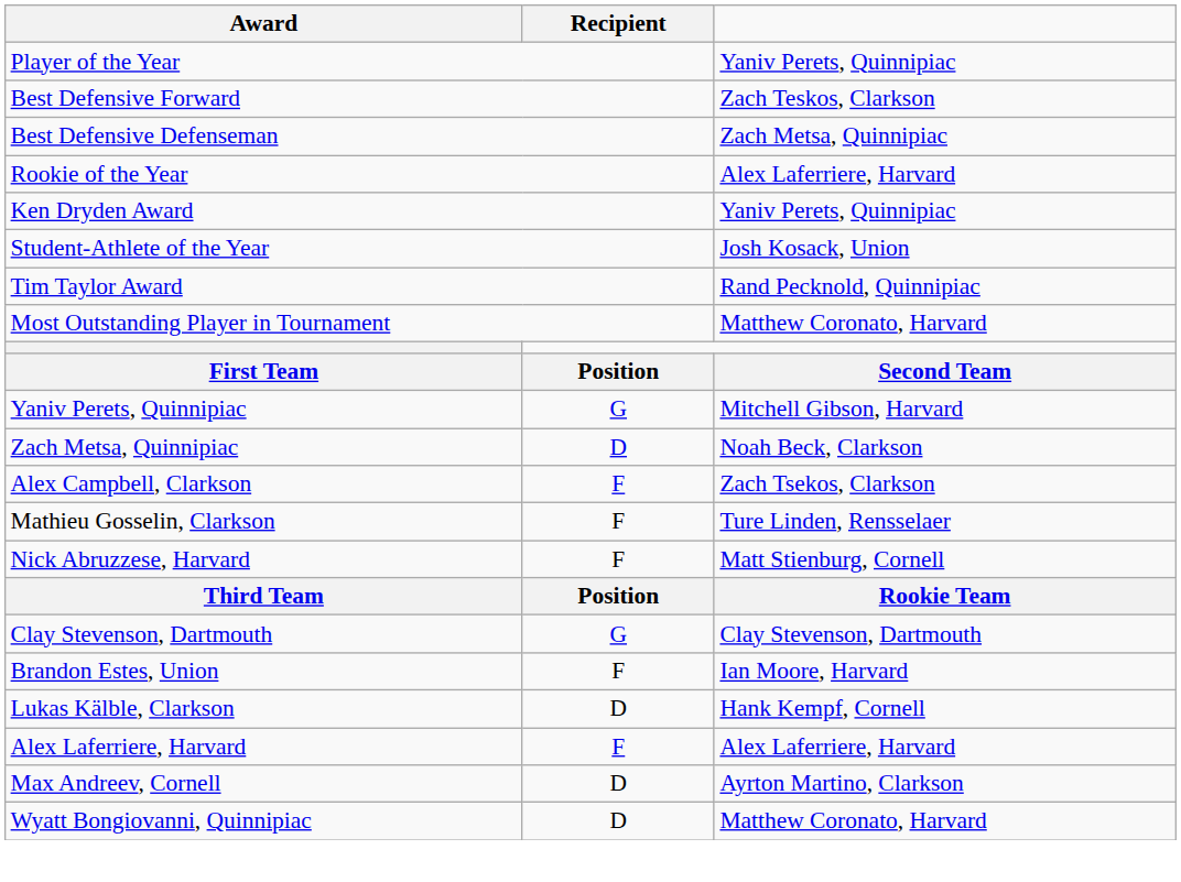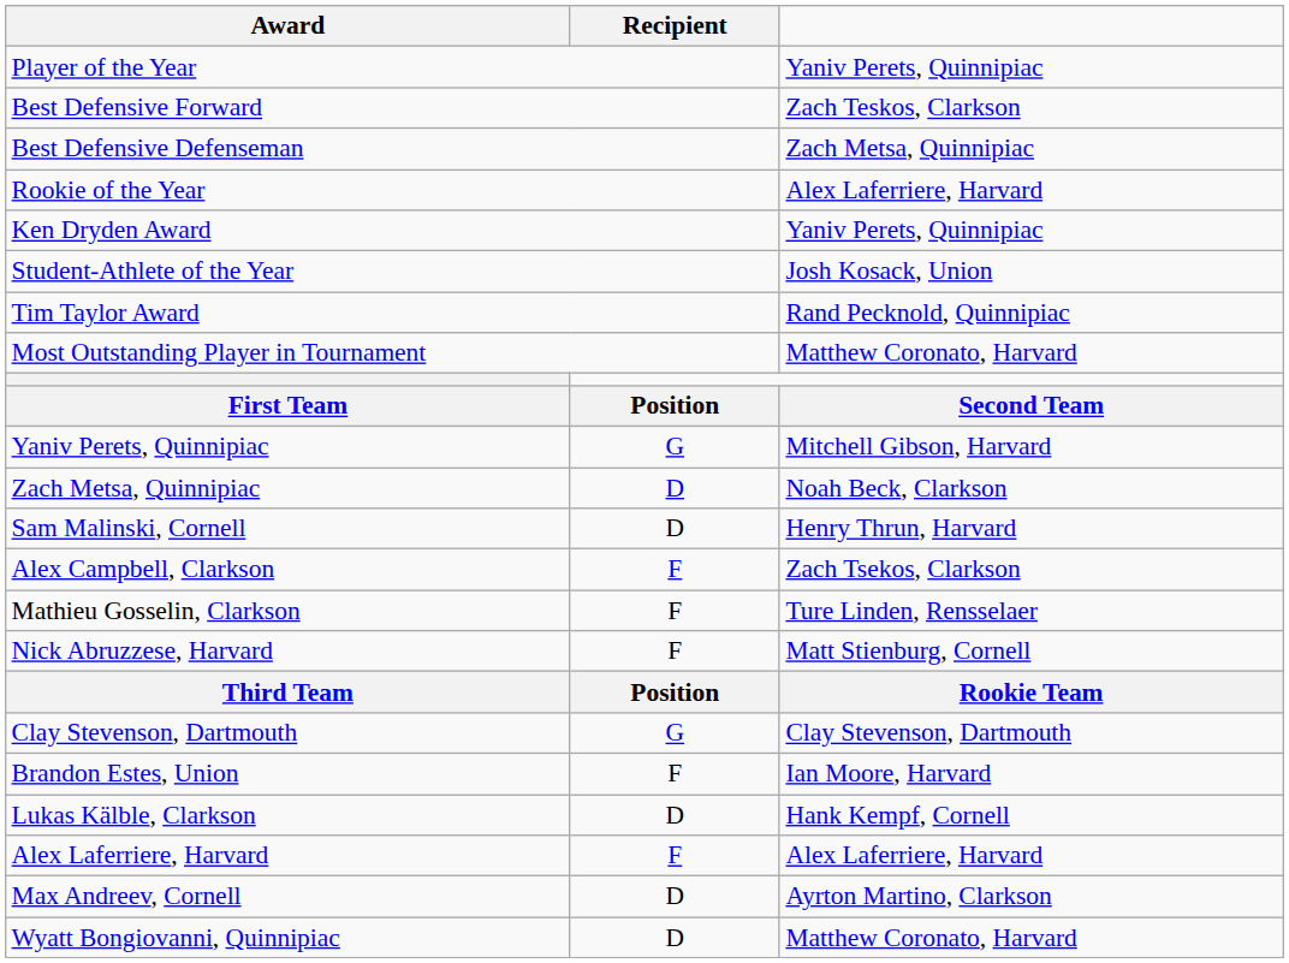 <table class="wikitable" width=40%>
 <tr>
 <th>Award</th>
 <th>Recipient</th>
 </tr>
 <tr>
 <td colspan=2><a href='#'>Player of the Year</a></td>
 <td><a href='#'>Yaniv Perets</a>, <a href='#'>Quinnipiac</a></td>
 </tr>
 <tr>
 <td colspan=2><a href='#'>Best Defensive Forward</a></td>
 <td><a href='#'>Zach Teskos</a>, <a href='#'>Clarkson</a></td>
 </tr>
 <tr>
 <td colspan=2><a href='#'>Best Defensive Defenseman</a></td>
 <td><a href='#'>Zach Metsa</a>, <a href='#'>Quinnipiac</a></td>
 </tr>
 <tr>
 <td colspan=2><a href='#'>Rookie of the Year</a></td>
 <td><a href='#'>Alex Laferriere</a>, <a href='#'>Harvard</a></td>
 </tr>
 <tr>
 <td colspan=2><a href='#'>Ken Dryden Award</a></td>
 <td><a href='#'>Yaniv Perets</a>, <a href='#'>Quinnipiac</a></td>
 </tr>
 <tr>
 <td colspan=2><a href='#'>Student-Athlete of the Year</a></td>
 <td><a href='#'>Josh Kosack</a>, <a href='#'>Union</a></td>
 </tr>
 <tr>
 <td colspan=2><a href='#'>Tim Taylor Award</a></td>
 <td><a href='#'>Rand Pecknold</a>, <a href='#'>Quinnipiac</a></td>
 </tr>
 <tr>
 <td colspan=2><a href='#'>Most Outstanding Player in Tournament</a></td>
 <td><a href='#'>Matthew Coronato</a>, <a href='#'>Harvard</a></td>
 </tr>
 <tr>
 <th><a href='#'></a></th>
 </tr>
 <tr>
 <th><a href='#'>First Team</a></th>
 <th>  Position  </th>
 <th><a href='#'>Second Team</a></th>
 </tr>
 <tr>
 <td><a href='#'>Yaniv Perets</a>, <a href='#'>Quinnipiac</a></td>
 <td align=center><a href='#'>G</a></td>
 <td><a href='#'>Mitchell Gibson</a>, <a href='#'>Harvard</a></td>
 </tr>
 <tr>
 <td><a href='#'>Zach Metsa</a>, <a href='#'>Quinnipiac</a></td>
 <td align=center><a href='#'>D</a></td>
 <td><a href='#'>Noah Beck</a>, <a href='#'>Clarkson</a></td>
 </tr>
 <tr>
+<td><a href='#'>Sam Malinski</a>, <a href='#'>Cornell</a></td>
+<td align=center>D</td>
+<td><a href='#'>Henry Thrun</a>, <a href='#'>Harvard</a></td>
+</tr>
+<tr>
 <td><a href='#'>Alex Campbell</a>, <a href='#'>Clarkson</a></td>
 <td align=center><a href='#'>F</a></td>
 <td><a href='#'>Zach Tsekos</a>, <a href='#'>Clarkson</a></td>
 </tr>
 <tr>
 <td>Mathieu Gosselin, <a href='#'>Clarkson</a></td>
 <td align=center>F</td>
 <td><a href='#'>Ture Linden</a>, <a href='#'>Rensselaer</a></td>
 </tr>
 <tr>
 <td><a href='#'>Nick Abruzzese</a>, <a href='#'>Harvard</a></td>
 <td align=center>F</td>
 <td><a href='#'>Matt Stienburg</a>, <a href='#'>Cornell</a></td>
 </tr>
 <tr>
 <th><a href='#'>Third Team</a></th>
 <th>  Position  </th>
 <th><a href='#'>Rookie Team</a></th>
 </tr>
 <tr>
 <td><a href='#'>Clay Stevenson</a>, <a href='#'>Dartmouth</a></td>
 <td align=center><a href='#'>G</a></td>
 <td><a href='#'>Clay Stevenson</a>, <a href='#'>Dartmouth</a></td>
 </tr>
 <tr>
 <td><a href='#'>Brandon Estes</a>, <a href='#'>Union</a></td>
 <td align=center>F</td>
 <td><a href='#'>Ian Moore</a>, <a href='#'>Harvard</a></td>
 </tr>
 <tr>
 <td><a href='#'>Lukas Kälble</a>, <a href='#'>Clarkson</a></td>
 <td align=center>D</td>
 <td><a href='#'>Hank Kempf</a>, <a href='#'>Cornell</a></td>
 </tr>
 <tr>
 <td><a href='#'>Alex Laferriere</a>, <a href='#'>Harvard</a></td>
 <td align=center><a href='#'>F</a></td>
 <td><a href='#'>Alex Laferriere</a>, <a href='#'>Harvard</a></td>
 </tr>
 <tr>
 <td><a href='#'>Max Andreev</a>, <a href='#'>Cornell</a></td>
 <td align=center>D</td>
 <td><a href='#'>Ayrton Martino</a>, <a href='#'>Clarkson</a></td>
 </tr>
 <tr>
 <td><a href='#'>Wyatt Bongiovanni</a>, <a href='#'>Quinnipiac</a></td>
 <td align=center>D</td>
 <td><a href='#'>Matthew Coronato</a>, <a href='#'>Harvard</a></td>
 </tr>
 </table>
